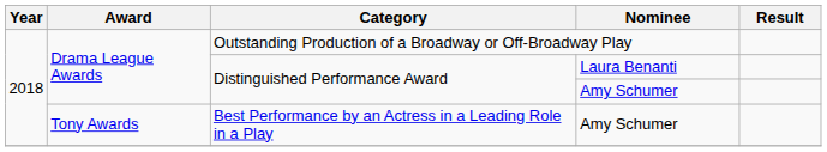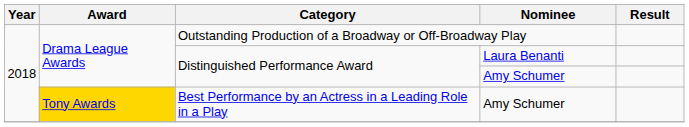 <table class="wikitable" style="width:95%;">
 <tr>
 <th style="width:5%;">Year</th>
 <th style="width:20%;">Award</th>
 <th style="width:45%;">Category</th>
 <th style="width:20%;">Nominee</th>
 <th style="width:10%;">Result</th>
 </tr>
 <tr>
 <td rowspan="4" align="center">2018</td>
 <td rowspan="3"><a href='#'>Drama League Awards</a></td>
 <td colspan="2">Outstanding Production of a Broadway or Off-Broadway Play</td>
 <td></td>
 </tr>
 <tr>
 <td rowspan="2">Distinguished Performance Award</td>
 <td><a href='#'>Laura Benanti</a></td>
 <td></td>
 </tr>
 <tr>
 <td><a href='#'>Amy Schumer</a></td>
 <td></td>
 </tr>
 <tr>
-<td><a href='#'>Tony Awards</a></td>
+<td style="background: gold;"><a href='#'>Tony Awards</a></td>
 <td><a href='#'>Best Performance by an Actress in a Leading Role in a Play</a></td>
 <td>Amy Schumer</td>
 <td></td>
 </tr>
 <tr>
 </tr>
 </table>
